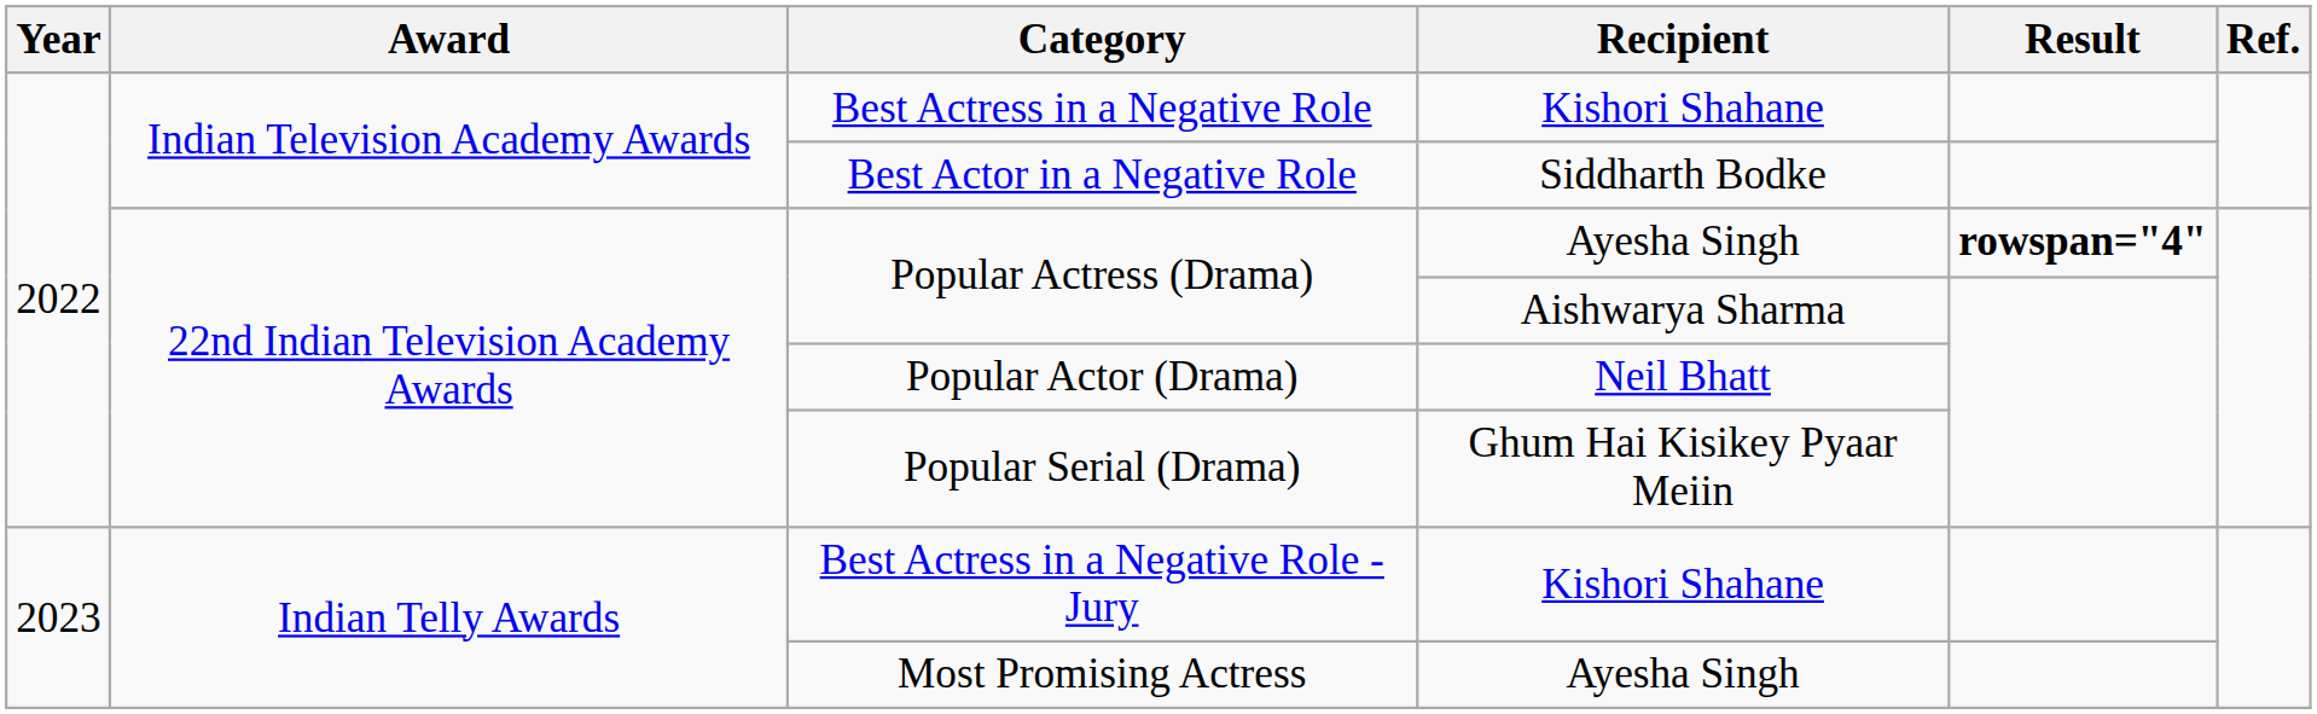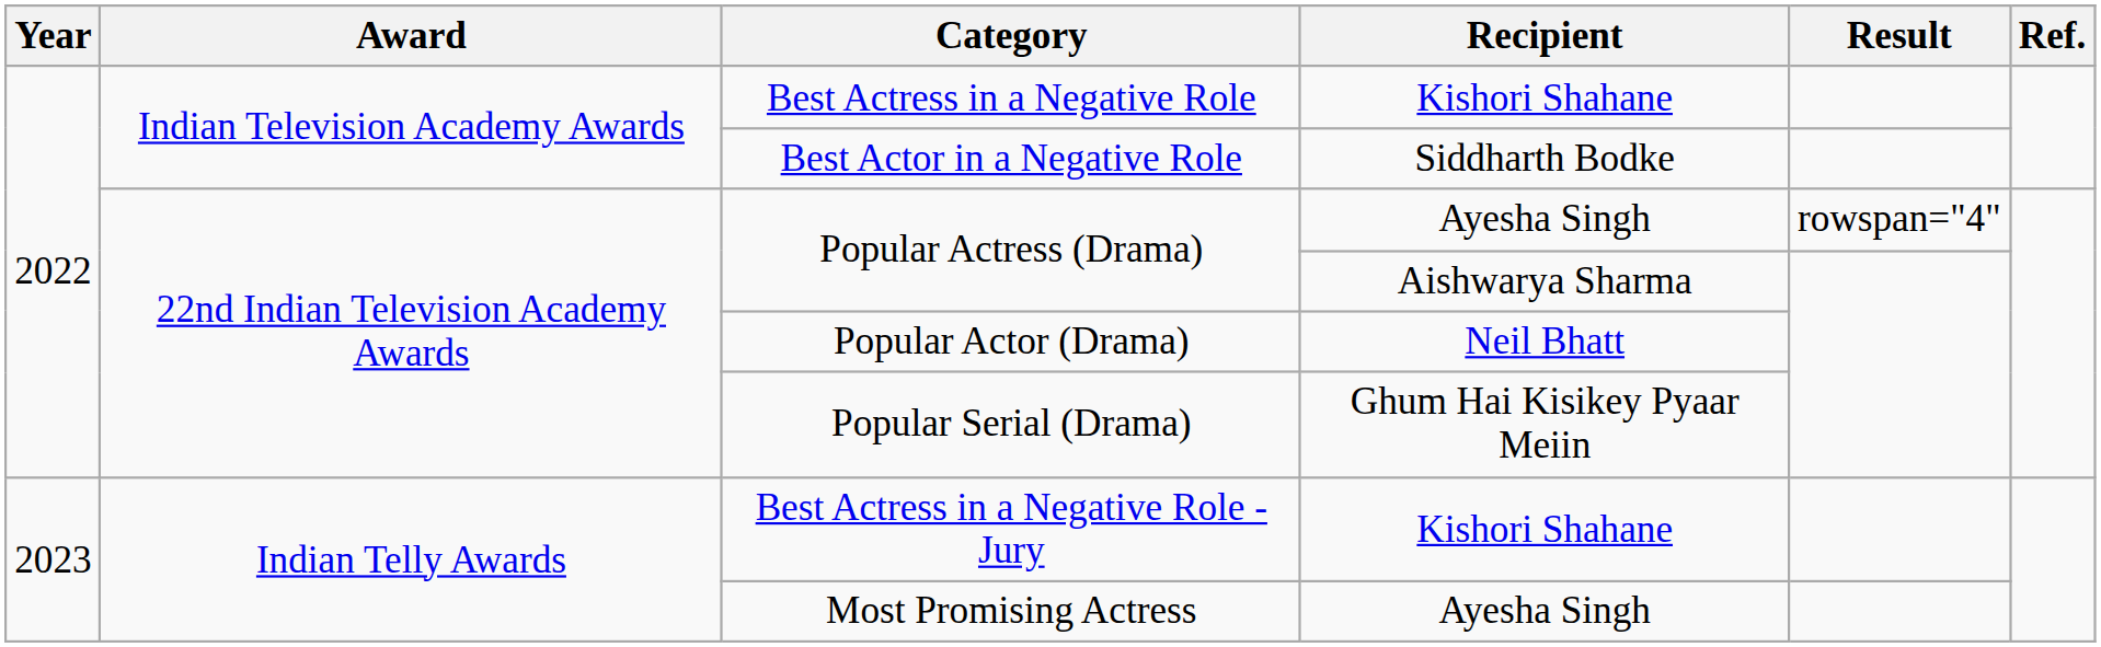 <table class="wikitable" style="text-align:center;">
 <tr>
 <th>Year</th>
 <th>Award</th>
 <th>Category</th>
 <th>Recipient</th>
 <th>Result</th>
 <th>Ref.</th>
 </tr>
 <tr>
 <td rowspan="6">2022</td>
 <td rowspan="2"><a href='#'>Indian Television Academy Awards</a></td>
 <td><a href='#'>Best Actress in a Negative Role</a></td>
 <td><a href='#'>Kishori Shahane</a></td>
 <td></td>
 <td rowspan="2"></td>
 </tr>
 <tr>
 <td><a href='#'>Best Actor in a Negative Role</a></td>
 <td>Siddharth Bodke</td>
 <td></td>
 </tr>
 <tr>
 <td rowspan="4"><a href='#'>22nd Indian Television Academy Awards</a></td>
 <td rowspan="2">Popular Actress (Drama)</td>
 <td>Ayesha Singh</td>
-<td><strong>rowspan="4" </strong></td>
+<td>rowspan="4" </td>
 <td rowspan="4"></td>
 </tr>
 <tr>
 <td>Aishwarya Sharma</td>
 </tr>
 <tr>
 <td>Popular Actor (Drama)</td>
 <td><a href='#'>Neil Bhatt</a></td>
 </tr>
 <tr>
 <td>Popular Serial (Drama)</td>
 <td>Ghum Hai Kisikey Pyaar Meiin</td>
 </tr>
 <tr>
 <td rowspan=2>2023</td>
 <td rowspan=2><a href='#'>Indian Telly Awards</a></td>
 <td><a href='#'>Best Actress in a Negative Role - Jury</a></td>
 <td><a href='#'>Kishori Shahane</a></td>
 <td></td>
 <td rowspan="2"></td>
 </tr>
 <tr>
 <td>Most Promising Actress</td>
 <td>Ayesha Singh</td>
 <td></td>
 </tr>
 </table>
